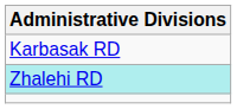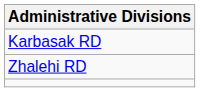 <table class="wikitable">
 <tr>
 <th>Administrative Divisions</th>
 </tr>
 <tr>
 <td><a href='#'>Karbasak RD</a></td>
 </tr>
 <tr>
-<td style="background: paleturquoise;"><a href='#'>Zhalehi RD</a></td>
+<td><a href='#'>Zhalehi RD</a></td>
 </tr>
 <tr>
 <td colspan=1></td>
 </tr>
 </table>
